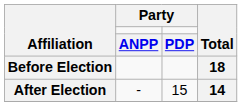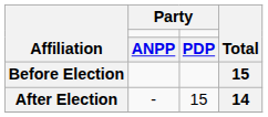 <table class=wikitable style="text-align:center">
 <tr style="vertical-align:bottom;">
 <th rowspan=3>Affiliation</th>
 <th colspan=2>Party</th>
 <th rowspan=3>Total</th>
 </tr>
 <tr>
 <td style="background-color:"></td>
 <td style="background-color:"></td>
 </tr>
 <tr>
 <th><a href='#'>ANPP</a></th>
 <th><a href='#'>PDP</a></th>
 </tr>
 <tr>
 <th>Before Election</th>
 <td></td>
 <td></td>
-<th>18</th>
+<th>15</th>
 </tr>
 <tr>
 <th>After Election</th>
 <td>-</td>
 <td>15</td>
 <th>14</th>
 </tr>
 <tr>
 </tr>
 </table>
